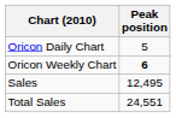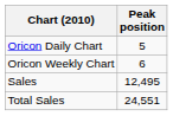 <table class="wikitable">
 <tr>
 <th>Chart (2010)</th>
 <th>Peak<br>position</th>
 </tr>
 <tr>
 <td><a href='#'>Oricon</a> Daily Chart</td>
 <td align="center">5</td>
 </tr>
 <tr>
 <td>Oricon Weekly Chart</td>
-<td align="center"><strong>6</strong></td>
+<td align="center">6</td>
 </tr>
 <tr>
 <td>Sales</td>
 <td align="center">12,495</td>
 </tr>
 <tr>
 <td>Total Sales</td>
 <td align="center">24,551</td>
 </tr>
 </table>
